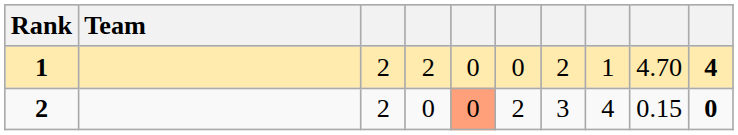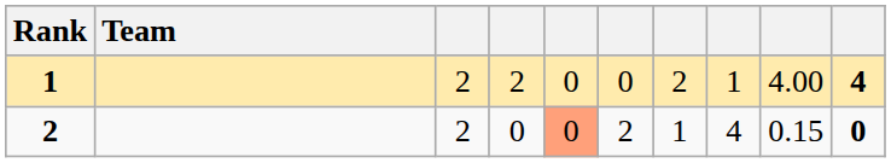 <table class="wikitable" style="text-align: center;">
 <tr>
 <th width=30>Rank</th>
 <th width=165 style="text-align:left;">Team</th>
 <th width=20></th>
 <th width=20></th>
 <th width=20></th>
 <th width=20></th>
 <th width=20></th>
 <th width=20></th>
 <th width=20></th>
 <th width=20></th>
 </tr>
 <tr style="background:#ffebad;">
 <td><strong>1</strong></td>
 <td style="text-align:left;"></td>
 <td>2</td>
 <td>2</td>
 <td>0</td>
 <td>0</td>
 <td>2</td>
 <td>1</td>
-<td>4.70</td>
+<td>4.00</td>
 <td><strong>4</strong></td>
 </tr>
 <tr>
 <td><strong>2</strong></td>
 <td style="text-align:left;"></td>
 <td>2</td>
 <td>0</td>
 <td style="background: lightsalmon;">0</td>
 <td>2</td>
-<td>3</td>
+<td>1</td>
 <td>4</td>
 <td>0.15</td>
 <td><strong>0</strong></td>
 </tr>
 </table>
